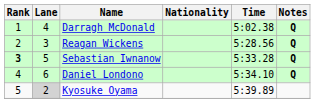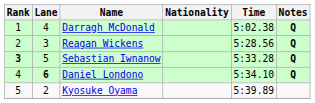 <table class="wikitable">
 <tr>
 <th>Rank</th>
 <th>Lane</th>
 <th>Name</th>
 <th>Nationality</th>
 <th>Time</th>
 <th>Notes</th>
 </tr>
 <tr bgcolor=ccffcc>
 <td align=center>1</td>
 <td align=center>4</td>
 <td><a href='#'>Darragh McDonald</a></td>
 <td></td>
 <td align=center>5:02.38</td>
 <td align=center><strong>Q</strong></td>
 </tr>
 <tr bgcolor=ccffcc>
 <td align=center>2</td>
 <td align=center>3</td>
 <td><a href='#'>Reagan Wickens</a></td>
 <td></td>
 <td align=center>5:28.56</td>
 <td align=center><strong>Q</strong></td>
 </tr>
 <tr bgcolor=ccffcc>
 <td align=center><strong>3</strong></td>
 <td align=center>5</td>
 <td><a href='#'>Sebastian Iwnanow</a></td>
 <td></td>
 <td align=center>5:33.28</td>
 <td align=center><strong>Q</strong></td>
 </tr>
 <tr bgcolor=ccffcc>
 <td align=center>4</td>
-<td align=center>6</td>
+<td align=center><strong>6</strong></td>
 <td><a href='#'>Daniel Londono</a></td>
 <td></td>
 <td align=center>5:34.10</td>
 <td align=center><strong>Q</strong></td>
 </tr>
 <tr>
 <td align=center>5</td>
-<td align=center style="background: lightgrey;">2</td>
+<td align=center>2</td>
 <td><a href='#'>Kyosuke Oyama</a></td>
 <td></td>
 <td align=center>5:39.89</td>
 <td align=center></td>
 </tr>
 <tr>
 </tr>
 </table>
